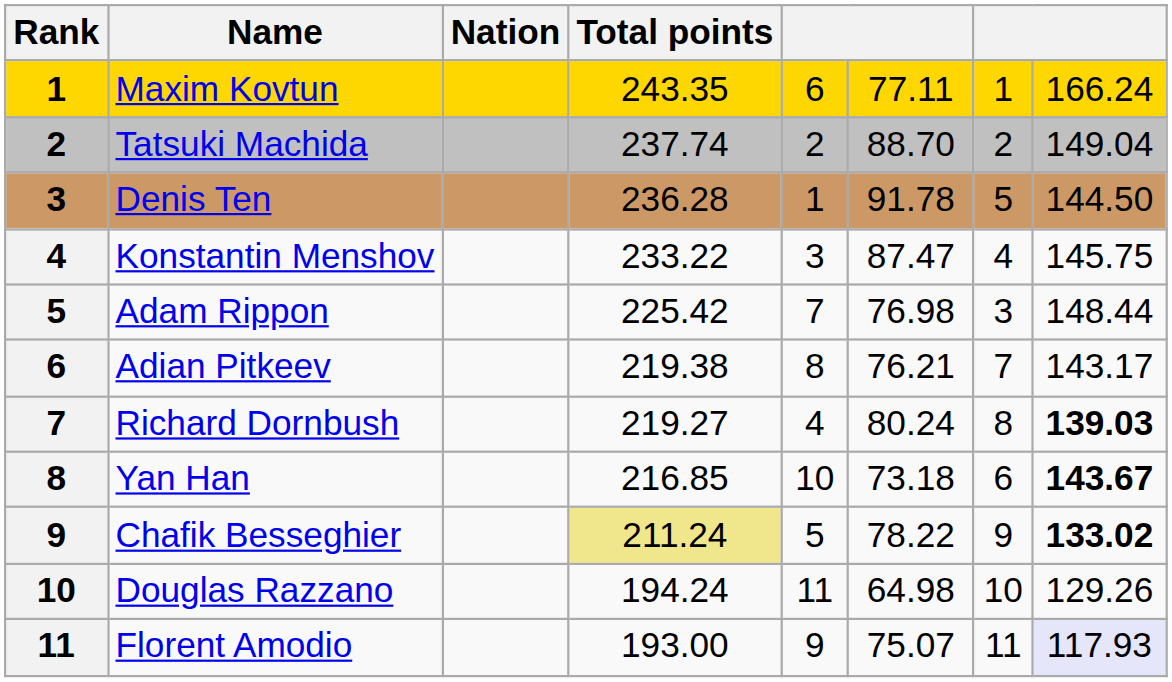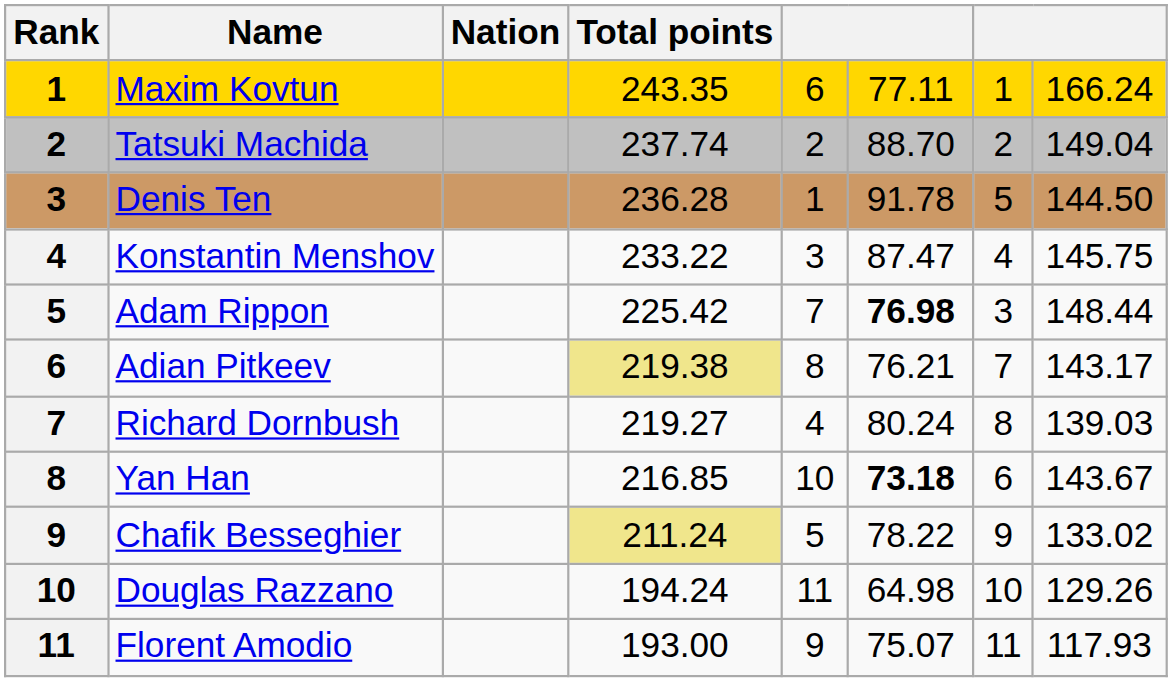 <table class="wikitable sortable">
 <tr>
 <th>Rank</th>
 <th>Name</th>
 <th>Nation</th>
 <th>Total points</th>
 <th colspan="2" width="80px"></th>
 <th colspan="2" width="80px"></th>
 </tr>
 <tr bgcolor="gold">
 <td align="center"><strong>1</strong></td>
 <td><a href='#'>Maxim Kovtun</a></td>
 <td></td>
 <td align="center">243.35</td>
 <td align="center">6</td>
 <td align="center">77.11</td>
 <td align="center">1</td>
 <td align="center">166.24</td>
 </tr>
 <tr bgcolor="silver">
 <td align="center"><strong>2</strong></td>
 <td><a href='#'>Tatsuki Machida</a></td>
 <td></td>
 <td align="center">237.74</td>
 <td align="center">2</td>
 <td align="center">88.70</td>
 <td align="center">2</td>
 <td align="center">149.04</td>
 </tr>
 <tr bgcolor="cc9966">
 <td align="center"><strong>3</strong></td>
 <td><a href='#'>Denis Ten</a></td>
 <td></td>
 <td align="center">236.28</td>
 <td align="center">1</td>
 <td align="center">91.78</td>
 <td align="center">5</td>
 <td align="center">144.50</td>
 </tr>
 <tr>
 <th>4</th>
 <td><a href='#'>Konstantin Menshov</a></td>
 <td></td>
 <td align="center">233.22</td>
 <td align="center">3</td>
 <td align="center">87.47</td>
 <td align="center">4</td>
 <td align="center">145.75</td>
 </tr>
 <tr>
 <th>5</th>
 <td><a href='#'>Adam Rippon</a></td>
 <td></td>
 <td align="center">225.42</td>
 <td align="center">7</td>
-<td align="center">76.98</td>
+<td align="center"><strong>76.98</strong></td>
 <td align="center">3</td>
 <td align="center">148.44</td>
 </tr>
 <tr>
 <th>6</th>
 <td><a href='#'>Adian Pitkeev</a></td>
 <td></td>
-<td align="center">219.38</td>
+<td align="center" style="background: khaki;">219.38</td>
 <td align="center">8</td>
 <td align="center">76.21</td>
 <td align="center">7</td>
 <td align="center">143.17</td>
 </tr>
 <tr>
 <th>7</th>
 <td><a href='#'>Richard Dornbush</a></td>
 <td></td>
 <td align="center">219.27</td>
 <td align="center">4</td>
 <td align="center">80.24</td>
 <td align="center">8</td>
-<td align="center"><strong>139.03</strong></td>
+<td align="center">139.03</td>
 </tr>
 <tr>
 <th>8</th>
 <td><a href='#'>Yan Han</a></td>
 <td></td>
 <td align="center">216.85</td>
 <td align="center">10</td>
-<td align="center">73.18</td>
+<td align="center"><strong>73.18</strong></td>
 <td align="center">6</td>
-<td align="center"><strong>143.67</strong></td>
+<td align="center">143.67</td>
 </tr>
 <tr>
 <th>9</th>
 <td><a href='#'>Chafik Besseghier</a></td>
 <td></td>
 <td align="center" style="background: khaki;">211.24</td>
 <td align="center">5</td>
 <td align="center">78.22</td>
 <td align="center">9</td>
-<td align="center"><strong>133.02</strong></td>
+<td align="center">133.02</td>
 </tr>
 <tr>
 <th>10</th>
 <td><a href='#'>Douglas Razzano</a></td>
 <td></td>
 <td align="center">194.24</td>
 <td align="center">11</td>
 <td align="center">64.98</td>
 <td align="center">10</td>
 <td align="center">129.26</td>
 </tr>
 <tr>
 <th>11</th>
 <td><a href='#'>Florent Amodio</a></td>
 <td></td>
 <td align="center">193.00</td>
 <td align="center">9</td>
 <td align="center">75.07</td>
 <td align="center">11</td>
-<td align="center" style="background: lavender;">117.93</td>
+<td align="center">117.93</td>
 </tr>
 </table>
